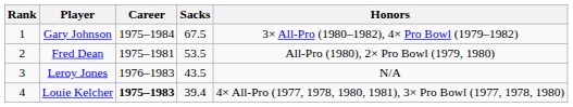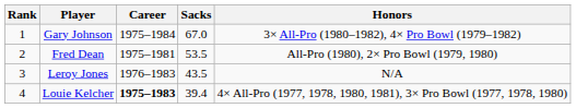 <table class="wikitable" style="text-align:center;">
 <tr>
 <th scope="col">Rank</th>
 <th scope="col">Player</th>
 <th scope="col">Career</th>
 <th scope="col">Sacks</th>
 <th scope="col">Honors</th>
 </tr>
 <tr>
 <td>1</td>
 <td><a href='#'>Gary Johnson</a></td>
 <td>1975–1984</td>
-<td>67.5</td>
+<td>67.0</td>
 <td>3× <a href='#'>All-Pro</a> (1980–1982), 4× <a href='#'>Pro Bowl</a> (1979–1982)</td>
 </tr>
 <tr>
 <td>2</td>
 <td><a href='#'>Fred Dean</a></td>
 <td>1975–1981</td>
 <td>53.5</td>
 <td>All-Pro (1980), 2× Pro Bowl (1979, 1980)</td>
 </tr>
 <tr>
 <td>3</td>
 <td><a href='#'>Leroy Jones</a></td>
 <td>1976–1983</td>
 <td>43.5</td>
 <td>N/A</td>
 </tr>
 <tr>
 <td>4</td>
 <td><a href='#'>Louie Kelcher</a></td>
 <td><strong>1975–1983</strong></td>
 <td>39.4</td>
 <td>4× All-Pro (1977, 1978, 1980, 1981), 3× Pro Bowl (1977, 1978, 1980)</td>
 </tr>
 </table>
